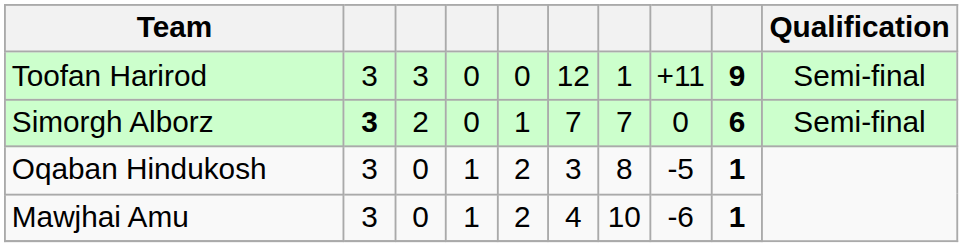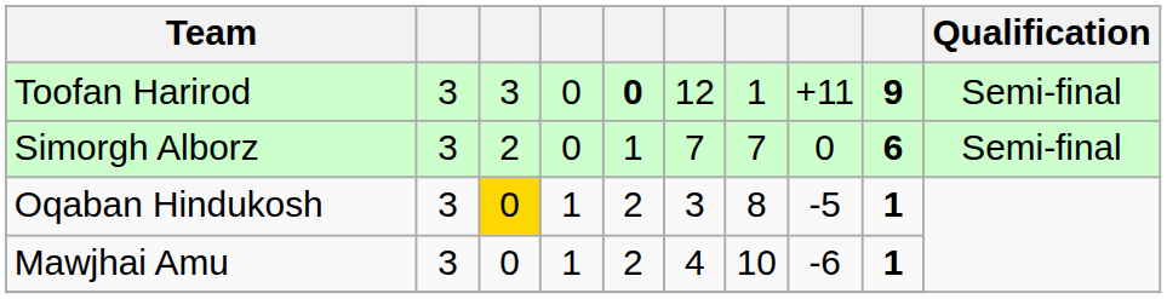 <table class="wikitable" style="text-align:center">
 <tr>
 <th width="175">Team</th>
 <th width="20"></th>
 <th width="20"></th>
 <th width="20"></th>
 <th width="20"></th>
 <th width="20"></th>
 <th width="20"></th>
 <th width="20"></th>
 <th width="20"></th>
 <th width="30">Qualification</th>
 </tr>
 <tr bgcolor="#ccffcc">
 <td align=left>Toofan Harirod</td>
 <td>3</td>
 <td>3</td>
 <td>0</td>
-<td>0</td>
+<td><strong>0</strong></td>
 <td>12</td>
 <td>1</td>
 <td>+11</td>
 <td><strong>9</strong></td>
 <td>Semi-final</td>
 </tr>
 <tr bgcolor="#ccffcc">
 <td align=left>Simorgh Alborz</td>
-<td><strong>3</strong></td>
+<td>3</td>
 <td>2</td>
 <td>0</td>
 <td>1</td>
 <td>7</td>
 <td>7</td>
 <td>0</td>
 <td><strong>6</strong></td>
 <td>Semi-final</td>
 </tr>
 <tr>
 <td align=left>Oqaban Hindukosh</td>
 <td>3</td>
-<td>0</td>
+<td style="background: gold;">0</td>
 <td>1</td>
 <td>2</td>
 <td>3</td>
 <td>8</td>
 <td>-5</td>
 <td><strong>1</strong></td>
 </tr>
 <tr>
 <td align=left>Mawjhai Amu</td>
 <td>3</td>
 <td>0</td>
 <td>1</td>
 <td>2</td>
 <td>4</td>
 <td>10</td>
 <td>-6</td>
 <td><strong>1</strong></td>
 </tr>
 <tr>
 </tr>
 </table>
